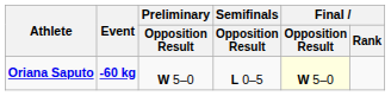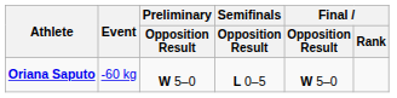 <table class="wikitable" style="font-size:90%;">
 <tr>
 <th rowspan=2>Athlete</th>
 <th rowspan=2>Event</th>
 <th>Preliminary</th>
 <th>Semifinals</th>
 <th colspan=2>Final / </th>
 </tr>
 <tr style="font-size:95%">
 <th>Opposition<br>Result</th>
 <th>Opposition<br>Result</th>
 <th>Opposition<br>Result</th>
 <th>Rank</th>
 </tr>
 <tr align=center>
 <td align=left><strong><a href='#'>Oriana Saputo</a></strong></td>
-<td align=left><strong><a href='#'>-60 kg</a></strong></td>
+<td align=left><a href='#'>-60 kg</a></td>
 <td><br><strong>W</strong> 5–0</td>
 <td><br><strong>L</strong> 0–5</td>
-<td style="background: lightyellow;"><br><strong>W</strong> 5–0</td>
+<td><br><strong>W</strong> 5–0</td>
 <td></td>
 </tr>
 </table>
